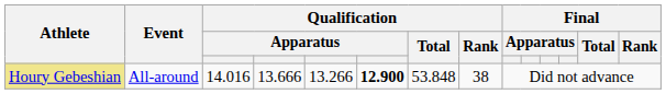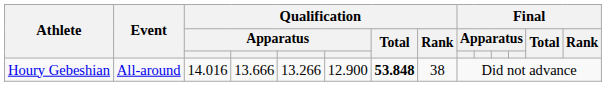 <table class="wikitable" style="font-size:90%">
 <tr>
 <th rowspan=3>Athlete</th>
 <th rowspan=3>Event</th>
 <th colspan=6>Qualification</th>
 <th colspan=6>Final</th>
 </tr>
 <tr style="font-size:95%">
 <th colspan=4>Apparatus</th>
 <th rowspan=2>Total</th>
 <th rowspan=2>Rank</th>
 <th colspan=4>Apparatus</th>
 <th rowspan=2>Total</th>
 <th rowspan=2>Rank</th>
 </tr>
 <tr style="font-size:95%">
 <th></th>
 <th></th>
 <th></th>
 <th></th>
 <th></th>
 <th></th>
 <th></th>
 <th></th>
 </tr>
 <tr align=center>
-<td align=left style="background: khaki;"><a href='#'>Houry Gebeshian</a></td>
+<td align=left><a href='#'>Houry Gebeshian</a></td>
 <td align=left><a href='#'>All-around</a></td>
 <td>14.016</td>
 <td>13.666</td>
 <td>13.266</td>
-<td><strong>12.900</strong></td>
-<td>53.848</td>
+<td>12.900</td>
+<td><strong>53.848</strong></td>
 <td>38</td>
 <td colspan=6>Did not advance</td>
 </tr>
 </table>
